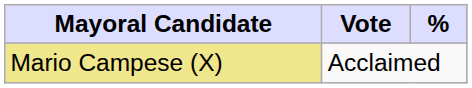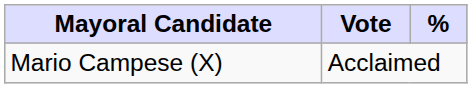 <table class="wikitable">
 <tr>
 <th style="background:#ddf; width:200px;">Mayoral Candidate</th>
 <th style="background:#ddf; width:50px;">Vote</th>
 <th style="background:#ddf; width:30px;">%</th>
 </tr>
 <tr>
-<td style="background: khaki;">Mario Campese (X)</td>
+<td>Mario Campese (X)</td>
 <td colspan="2">Acclaimed</td>
 </tr>
 </table>
